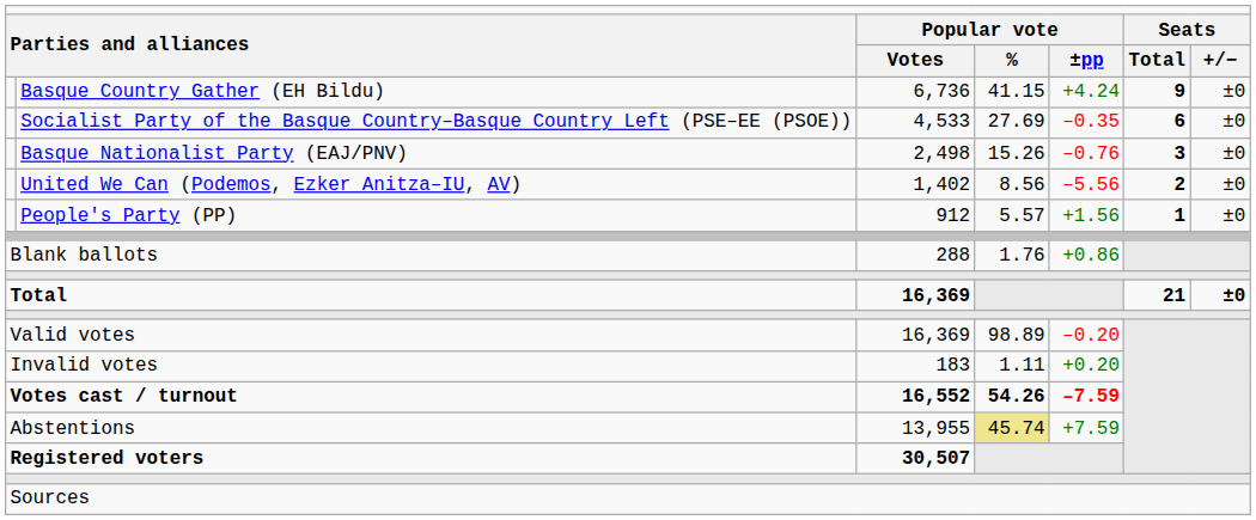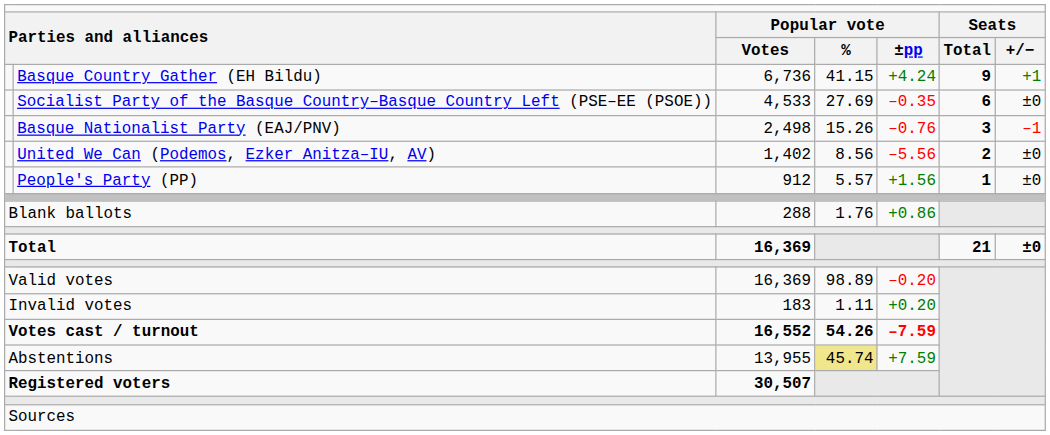 <table class="wikitable" style="text-align:right;">
 <tr>
 <td colspan="7"></td>
 </tr>
 <tr>
 <th style="text-align:left;" rowspan="2" colspan="2" width="525">Parties and alliances</th>
 <th colspan="3">Popular vote</th>
 <th colspan="2">Seats</th>
 </tr>
 <tr>
 <th width="75">Votes</th>
 <th width="45">%</th>
 <th width="45">±<a href='#'>pp</a></th>
 <th width="35">Total</th>
 <th width="35">+/−</th>
 </tr>
 <tr>
 <td width="1" style="color:inherit;background:"></td>
 <td align="left"><a href='#'>Basque Country Gather</a> (EH Bildu)</td>
 <td>6,736</td>
 <td>41.15</td>
 <td style="color:green;">+4.24</td>
 <td><strong>9</strong></td>
-<td>±0</td>
+<td style="color:green;">+1</td>
 </tr>
 <tr>
 <td style="color:inherit;background:"></td>
 <td align="left"><a href='#'>Socialist Party of the Basque Country–Basque Country Left</a> (PSE–EE (PSOE))</td>
 <td>4,533</td>
 <td>27.69</td>
 <td style="color:red;">–0.35</td>
 <td><strong>6</strong></td>
 <td>±0</td>
 </tr>
 <tr>
 <td style="color:inherit;background:"></td>
 <td align="left"><a href='#'>Basque Nationalist Party</a> (EAJ/PNV)</td>
 <td>2,498</td>
 <td>15.26</td>
 <td style="color:red;">–0.76</td>
 <td><strong>3</strong></td>
-<td>±0</td>
+<td style="color:red;">–1</td>
 </tr>
 <tr>
 <td style="color:inherit;background:"></td>
 <td align="left"><a href='#'>United We Can</a> (<a href='#'>Podemos</a>, <a href='#'>Ezker Anitza–IU</a>, <a href='#'>AV</a>)</td>
 <td>1,402</td>
 <td>8.56</td>
 <td style="color:red;">–5.56</td>
 <td><strong>2</strong></td>
 <td>±0</td>
 </tr>
 <tr>
 <td style="color:inherit;background:"></td>
 <td align="left"><a href='#'>People's Party</a> (PP)</td>
 <td>912</td>
 <td>5.57</td>
 <td style="color:green;">+1.56</td>
 <td><strong>1</strong></td>
 <td>±0</td>
 </tr>
 <tr>
 <td colspan="7" bgcolor="#C0C0C0"></td>
 </tr>
 <tr>
 <td align="left" colspan="2">Blank ballots</td>
 <td>288</td>
 <td>1.76</td>
 <td style="color:green;">+0.86</td>
 <td bgcolor="#E9E9E9" colspan="2"></td>
 </tr>
 <tr>
 <td colspan="7" bgcolor="#E9E9E9"></td>
 </tr>
 <tr style="font-weight:bold;">
 <td align="left" colspan="2">Total</td>
 <td>16,369</td>
 <td bgcolor="#E9E9E9" colspan="2"></td>
 <td>21</td>
 <td>±0</td>
 </tr>
 <tr>
 <td colspan="7" bgcolor="#E9E9E9"></td>
 </tr>
 <tr>
 <td align="left" colspan="2">Valid votes</td>
 <td>16,369</td>
 <td>98.89</td>
 <td style="color:red;">–0.20</td>
 <td bgcolor="#E9E9E9" colspan="2" rowspan="5"></td>
 </tr>
 <tr>
 <td align="left" colspan="2">Invalid votes</td>
 <td>183</td>
 <td>1.11</td>
 <td style="color:green;">+0.20</td>
 </tr>
 <tr style="font-weight:bold;">
 <td align="left" colspan="2">Votes cast / turnout</td>
 <td>16,552</td>
 <td>54.26</td>
 <td style="color:red;">–7.59</td>
 </tr>
 <tr>
 <td align="left" colspan="2">Abstentions</td>
 <td>13,955</td>
 <td style="background: khaki;">45.74</td>
 <td style="color:green;">+7.59</td>
 </tr>
 <tr style="font-weight:bold;">
 <td align="left" colspan="2">Registered voters</td>
 <td>30,507</td>
 <td bgcolor="#E9E9E9" colspan="2"></td>
 </tr>
 <tr>
 <td colspan="7" bgcolor="#E9E9E9"></td>
 </tr>
 <tr>
 <td align="left" colspan="7">Sources</td>
 </tr>
 </table>
